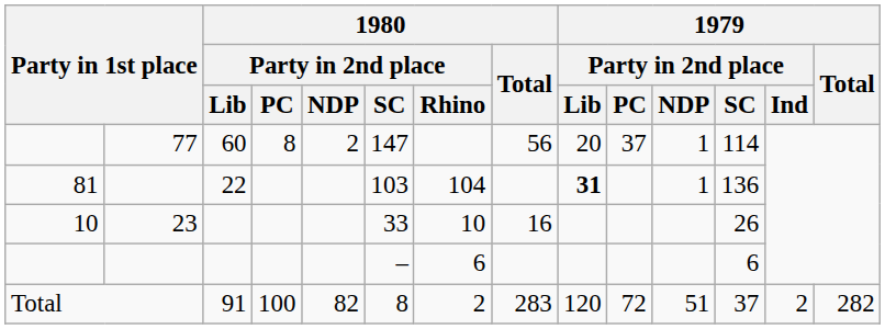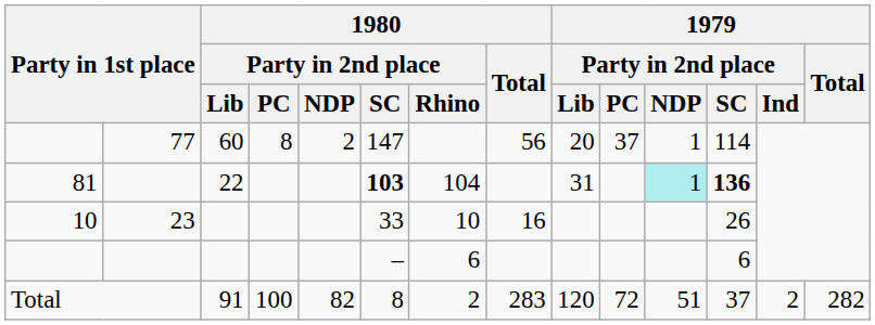 <table class="wikitable" style="text-align:right;">
 <tr>
 <th rowspan="3" colspan="2" style="text-align:left;">Party in 1st place</th>
 <th colspan="6">1980</th>
 <th colspan="6">1979</th>
 </tr>
 <tr>
 <th colspan="5">Party in 2nd place</th>
 <th rowspan="2">Total</th>
 <th colspan="5">Party in 2nd place</th>
 <th rowspan="2">Total</th>
 </tr>
 <tr>
 <th>Lib</th>
 <th>PC</th>
 <th>NDP</th>
 <th>SC</th>
 <th>Rhino</th>
 <th>Lib</th>
 <th>PC</th>
 <th>NDP</th>
 <th>SC</th>
 <th>Ind</th>
 </tr>
 <tr>
 <td></td>
 <td>77</td>
 <td>60</td>
 <td>8</td>
 <td>2</td>
 <td>147</td>
 <td></td>
 <td>56</td>
 <td>20</td>
 <td>37</td>
 <td>1</td>
 <td>114</td>
 </tr>
 <tr>
 <td>81</td>
 <td></td>
 <td>22</td>
 <td></td>
 <td></td>
-<td>103</td>
+<td><strong>103</strong></td>
 <td>104</td>
 <td></td>
-<td><strong>31</strong></td>
+<td>31</td>
 <td></td>
-<td>1</td>
-<td>136</td>
+<td style="background: paleturquoise;">1</td>
+<td><strong>136</strong></td>
 </tr>
 <tr>
 <td>10</td>
 <td>23</td>
 <td></td>
 <td></td>
 <td></td>
 <td>33</td>
 <td>10</td>
 <td>16</td>
 <td></td>
 <td></td>
 <td></td>
 <td>26</td>
 </tr>
 <tr>
 <td></td>
 <td></td>
 <td></td>
 <td></td>
 <td></td>
 <td>–</td>
 <td>6</td>
 <td></td>
 <td></td>
 <td></td>
 <td></td>
 <td>6</td>
 </tr>
 <tr>
 <td colspan="2" style="text-align:left;">Total</td>
 <td>91</td>
 <td>100</td>
 <td>82</td>
 <td>8</td>
 <td>2</td>
 <td>283</td>
 <td>120</td>
 <td>72</td>
 <td>51</td>
 <td>37</td>
 <td>2</td>
 <td>282</td>
 </tr>
 </table>
